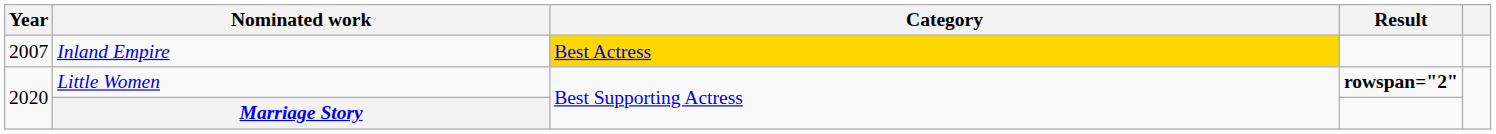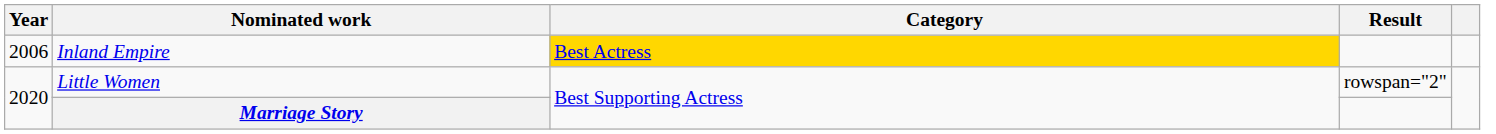 <table class="wikitable sortable">
 <tr>
 <th scope="col" style="width:1em;">Year</th>
 <th scope="col" style="width:25em;">Nominated work</th>
 <th scope="col" style="width:40em;">Category</th>
 <th scope="col" style="width:5em;">Result</th>
 <th scope="col" style="width:1em;"class="unsortable"></th>
 </tr>
 <tr>
-<td>2007</td>
+<td>2006</td>
 <td><em><a href='#'>Inland Empire</a></em></td>
 <td style="background: gold;"><a href='#'>Best Actress</a></td>
 <td></td>
 <td></td>
 </tr>
 <tr>
 <td rowspan="2">2020</td>
 <td><em><a href='#'>Little Women</a></em></td>
 <td rowspan="2"><a href='#'>Best Supporting Actress</a></td>
-<td><strong>rowspan="2" </strong></td>
+<td>rowspan="2" </td>
 <td rowspan="2"></td>
 </tr>
 <tr>
 <th><em><a href='#'>Marriage Story</a></em></th>
 </tr>
 </table>
